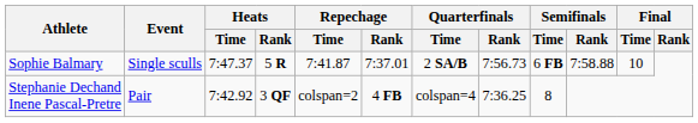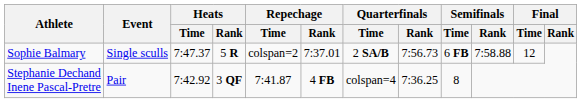 <table class="wikitable" style="font-size:90%">
 <tr>
 <th rowspan="2">Athlete</th>
 <th rowspan="2">Event</th>
 <th colspan="2">Heats</th>
 <th colspan="2">Repechage</th>
 <th colspan="2">Quarterfinals</th>
 <th colspan="2">Semifinals</th>
 <th colspan="2">Final</th>
 </tr>
 <tr style="font-size:95%">
 <th>Time</th>
 <th>Rank</th>
 <th>Time</th>
 <th>Rank</th>
 <th>Time</th>
 <th>Rank</th>
 <th>Time</th>
 <th>Rank</th>
 <th>Time</th>
 <th>Rank</th>
 </tr>
 <tr align=center>
 <td align=left><a href='#'>Sophie Balmary</a></td>
 <td align=left><a href='#'>Single sculls</a></td>
 <td>7:47.37</td>
 <td>5 <strong>R</strong></td>
-<td>7:41.87</td>
+<td>colspan=2 </td>
 <td>7:37.01</td>
 <td>2 <strong>SA/B</strong></td>
 <td>7:56.73</td>
 <td>6 <strong>FB</strong></td>
 <td>7:58.88</td>
-<td>10</td>
+<td>12</td>
 </tr>
 <tr align=center>
 <td align=left><a href='#'>Stephanie Dechand</a><br><a href='#'>Inene Pascal-Pretre</a></td>
 <td align=left><a href='#'>Pair</a></td>
 <td>7:42.92</td>
 <td>3 <strong>QF</strong></td>
-<td>colspan=2 </td>
+<td>7:41.87</td>
 <td>4 <strong>FB</strong></td>
 <td>colspan=4 </td>
 <td>7:36.25</td>
 <td>8</td>
 </tr>
 </table>
